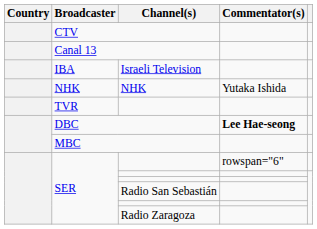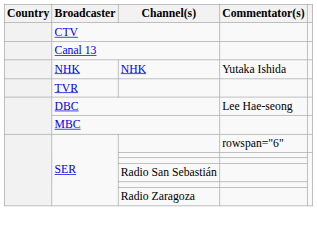 <table class="wikitable plainrowheaders">
 <tr>
 <th scope="col">Country</th>
 <th scope="col">Broadcaster</th>
 <th scope="col">Channel(s)</th>
 <th scope="col">Commentator(s)</th>
 <th scope="col"></th>
 </tr>
 <tr>
 <th scope="rowgroup"></th>
 <td colspan="2"><a href='#'>CTV</a></td>
 <td></td>
 <td style="text-align:center"></td>
 </tr>
 <tr>
 <th scope="row"></th>
 <td colspan="2"><a href='#'>Canal 13</a></td>
 <td></td>
 <td style="text-align:center"></td>
 </tr>
 <tr>
 <th scope="row"></th>
-<td><a href='#'>IBA</a></td>
-<td><a href='#'>Israeli Television</a></td>
-<td></td>
-<td style="text-align:center"></td>
-</tr>
-<tr>
-<th scope="row"></th>
 <td><a href='#'>NHK</a></td>
 <td><a href='#'>NHK</a></td>
 <td>Yutaka Ishida</td>
 <td style="text-align:center"></td>
 </tr>
 <tr>
 <th scope="row"></th>
 <td><a href='#'>TVR</a></td>
 <td></td>
 <td></td>
 <td style="text-align:center"></td>
 </tr>
 <tr>
 <th scope="row" rowspan="2"></th>
 <td colspan="2"><a href='#'>DBC</a></td>
-<td><strong>Lee Hae-seong</strong></td>
+<td>Lee Hae-seong</td>
 <td style="text-align:center"></td>
 </tr>
 <tr>
 <td colspan="2"><a href='#'>MBC</a></td>
 <td></td>
 <td style="text-align:center"></td>
 </tr>
 <tr>
 <th scope="rowgroup" rowspan="6"></th>
 <td rowspan="6"><a href='#'>SER</a></td>
 <td></td>
 <td>rowspan="6" </td>
 <td style="text-align:center"></td>
 </tr>
 <tr>
 <td></td>
 <td style="text-align:center"></td>
 </tr>
 <tr>
 <td></td>
 <td style="text-align:center"></td>
 </tr>
 <tr>
 <td>Radio San Sebastián</td>
 <td style="text-align:center"></td>
 </tr>
 <tr>
 <td></td>
 <td style="text-align:center"></td>
 </tr>
 <tr>
 <td>Radio Zaragoza</td>
 <td style="text-align:center"></td>
 </tr>
 </table>
